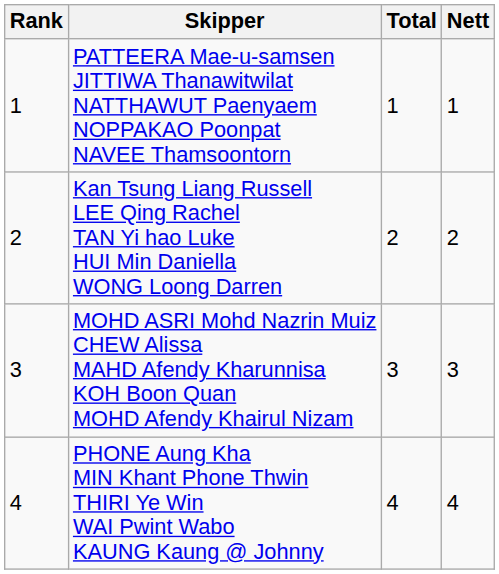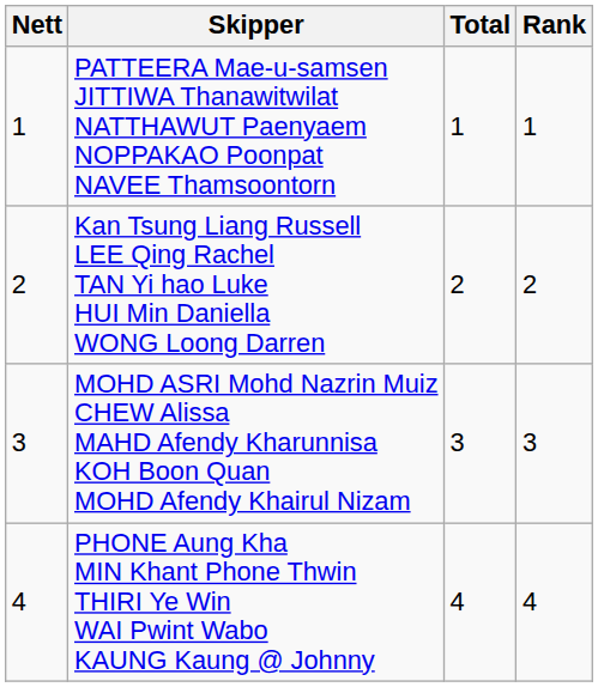 <table class=wikitable>
 <tr>
-<th rowspan="1">Rank</th>
+<th rowspan="1">Nett</th>
 <th rowspan="1">Skipper</th>
 <th rowspan="1">Total</th>
-<th rowspan="1">Nett</th>
+<th rowspan="1">Rank</th>
 </tr>
 <tr>
 <td>1</td>
 <td> <a href='#'>PATTEERA Mae-u-samsen</a><br><a href='#'>JITTIWA Thanawitwilat</a><br><a href='#'>NATTHAWUT Paenyaem</a><br><a href='#'>NOPPAKAO Poonpat</a><br><a href='#'>NAVEE Thamsoontorn</a></td>
 <td>1</td>
 <td>1</td>
 </tr>
 <tr>
 <td>2</td>
 <td> <a href='#'>Kan Tsung Liang Russell</a><br><a href='#'>LEE Qing Rachel</a><br><a href='#'>TAN Yi hao Luke</a><br><a href='#'>HUI Min Daniella</a><br><a href='#'>WONG Loong Darren</a></td>
 <td>2</td>
 <td>2</td>
 </tr>
 <tr>
 <td>3</td>
 <td> <a href='#'>MOHD ASRI Mohd Nazrin Muiz</a><br><a href='#'>CHEW Alissa</a><br><a href='#'>MAHD Afendy Kharunnisa</a><br><a href='#'>KOH Boon Quan</a><br><a href='#'>MOHD Afendy Khairul Nizam</a></td>
 <td>3</td>
 <td>3</td>
 </tr>
 <tr>
 <td>4</td>
 <td> <a href='#'>PHONE Aung Kha</a><br><a href='#'>MIN Khant Phone Thwin</a><br><a href='#'>THIRI Ye Win</a><br><a href='#'>WAI Pwint Wabo</a><br><a href='#'>KAUNG Kaung @ Johnny</a></td>
 <td>4</td>
 <td>4</td>
 </tr>
 </table>
